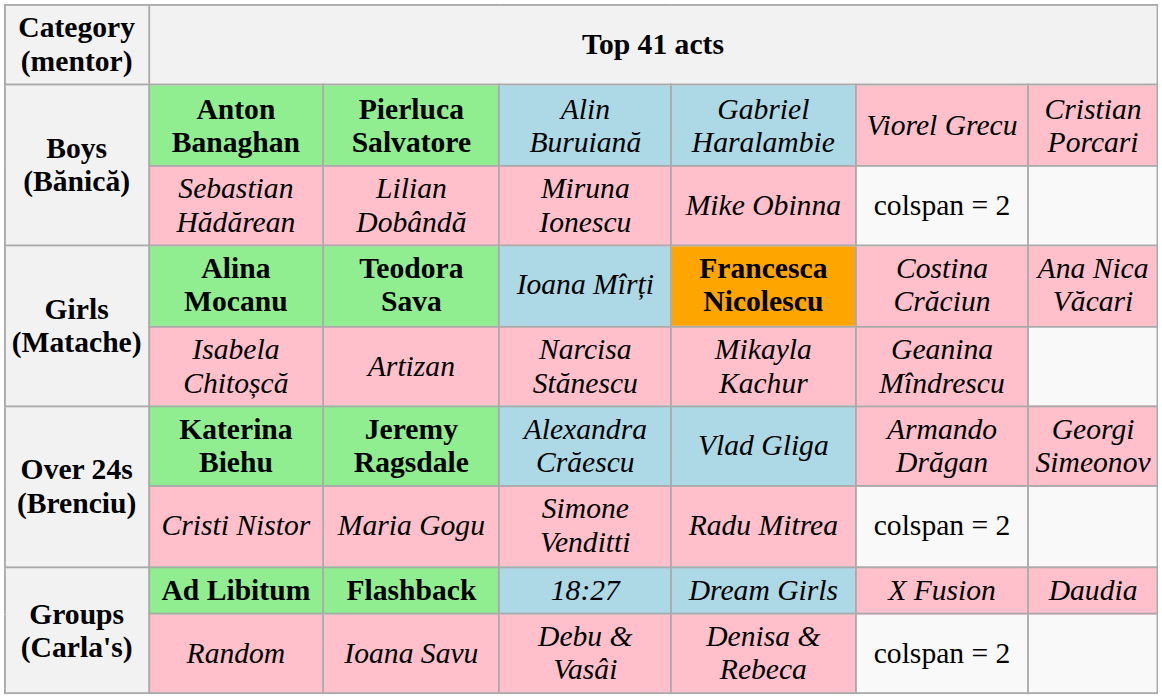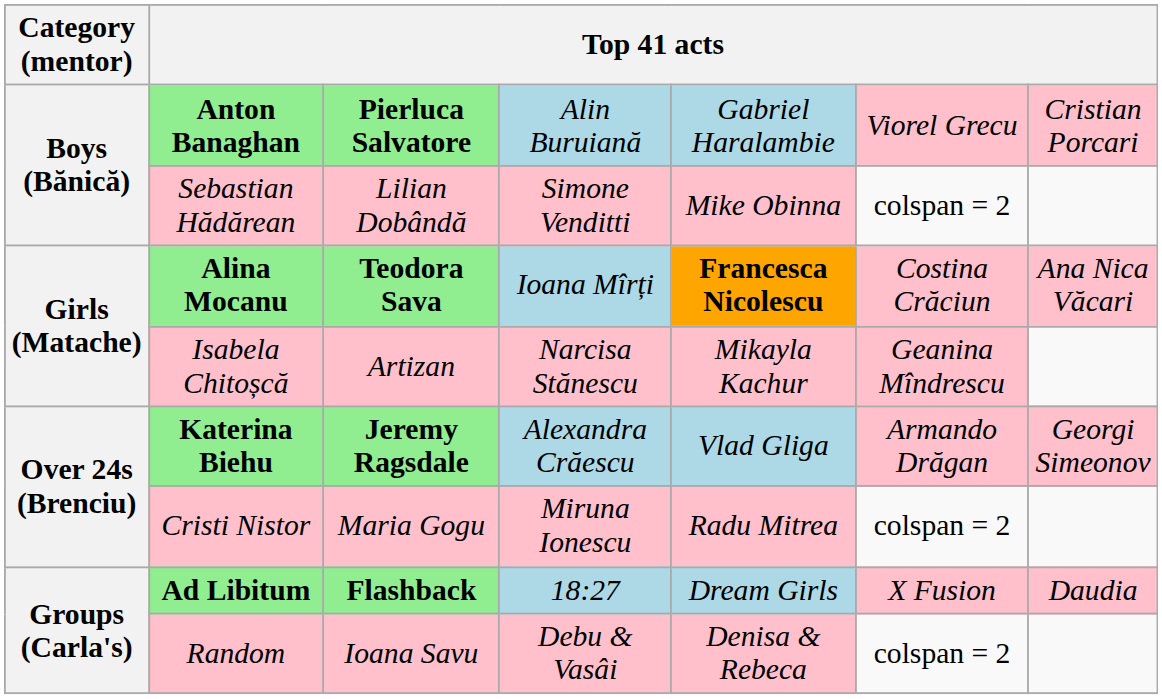 <table class="wikitable" style="text-align:center; width:100%;">
 <tr>
 <th>Category (mentor)</th>
 <th colspan="6">Top 41 acts</th>
 </tr>
 <tr>
 <th rowspan="2">Boys (Bănică)</th>
 <td width="20%" width="14%" bgcolor=lightgreen><strong>Anton Banaghan</strong></td>
 <td width="20%" width="14%" bgcolor=lightgreen><strong>Pierluca Salvatore</strong></td>
 <td width="20%" width="14%" bgcolor=lightblue><em>Alin Buruiană</em></td>
 <td width="20%" width="14%" bgcolor=lightblue><em>Gabriel Haralambie</em></td>
 <td width="20%" width="14%" bgcolor=pink><em>Viorel Grecu</em></td>
 <td width="20%" width="14%" bgcolor=pink><em>Cristian Porcari</em></td>
 </tr>
 <tr>
 <td bgcolor=pink><em>Sebastian Hădărean</em></td>
 <td bgcolor=pink><em>Lilian Dobândă</em></td>
-<td bgcolor=pink><em>Miruna Ionescu</em></td>
+<td bgcolor=pink><em>Simone Venditti</em></td>
 <td bgcolor=pink><em>Mike Obinna</em></td>
 <td>colspan = 2 </td>
 </tr>
 <tr>
 <th rowspan="2">Girls (Matache)</th>
 <td bgcolor=lightgreen><strong>Alina Mocanu</strong></td>
 <td bgcolor=lightgreen><strong>Teodora Sava</strong></td>
 <td bgcolor=lightblue><em>Ioana Mîrți</em></td>
 <td bgcolor=orange><strong>Francesca Nicolescu</strong></td>
 <td bgcolor=pink><em>Costina Crăciun</em></td>
 <td bgcolor=pink><em>Ana Nica Văcari</em></td>
 </tr>
 <tr>
 <td bgcolor=pink><em>Isabela Chitoșcă</em></td>
 <td bgcolor=pink><em>Artizan</em></td>
 <td bgcolor=pink><em>Narcisa Stănescu</em></td>
 <td bgcolor=pink><em>Mikayla Kachur</em></td>
 <td bgcolor=pink><em>Geanina Mîndrescu</em></td>
 <td></td>
 </tr>
 <tr>
 <th rowspan="2">Over 24s (Brenciu)</th>
 <td bgcolor=lightgreen><strong>Katerina Biehu</strong></td>
 <td bgcolor=lightgreen><strong>Jeremy Ragsdale</strong></td>
 <td bgcolor=lightblue><em>Alexandra Crăescu</em></td>
 <td bgcolor=lightblue><em>Vlad Gliga</em></td>
 <td bgcolor=pink><em>Armando Drăgan</em></td>
 <td bgcolor=pink><em>Georgi Simeonov</em></td>
 </tr>
 <tr>
 <td bgcolor=pink><em>Cristi Nistor</em></td>
 <td bgcolor=pink><em>Maria Gogu</em></td>
-<td bgcolor=pink><em>Simone Venditti</em></td>
+<td bgcolor=pink><em>Miruna Ionescu</em></td>
 <td bgcolor=pink><em>Radu Mitrea</em></td>
 <td>colspan = 2 </td>
 </tr>
 <tr>
 <th rowspan="2">Groups (Carla's)</th>
 <td bgcolor=lightgreen><strong>Ad Libitum</strong></td>
 <td bgcolor=lightgreen><strong>Flashback </strong></td>
 <td bgcolor=lightblue><em> 18:27</em></td>
 <td bgcolor=lightblue><em>Dream Girls</em></td>
 <td bgcolor=pink><em>X Fusion</em></td>
 <td bgcolor=pink><em>Daudia</em></td>
 </tr>
 <tr>
 <td bgcolor=pink><em>Random</em></td>
 <td bgcolor=pink><em>Ioana Savu</em></td>
 <td bgcolor=pink><em>Debu & Vasâi</em></td>
 <td bgcolor=pink><em>Denisa & Rebeca</em></td>
 <td>colspan = 2 </td>
 </tr>
 </table>
